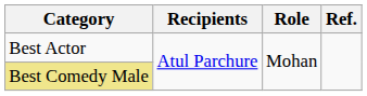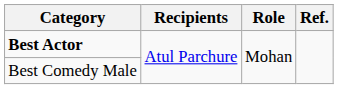 <table class="wikitable">
 <tr>
 <th>Category</th>
 <th>Recipients</th>
 <th>Role</th>
 <th>Ref.</th>
 </tr>
 <tr>
-<td>Best Actor</td>
+<td><strong>Best Actor</strong></td>
 <td rowspan="2"><a href='#'>Atul Parchure</a></td>
 <td rowspan="2">Mohan</td>
 <td rowspan="2"></td>
 </tr>
 <tr>
-<td style="background: khaki;">Best Comedy Male</td>
+<td>Best Comedy Male</td>
 </tr>
 </table>
